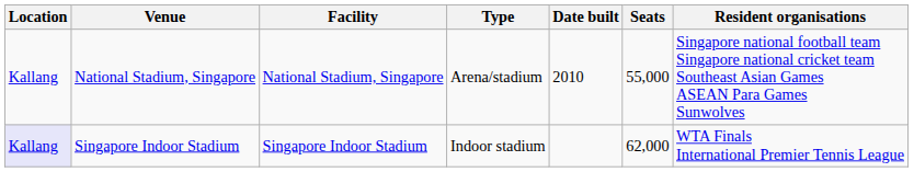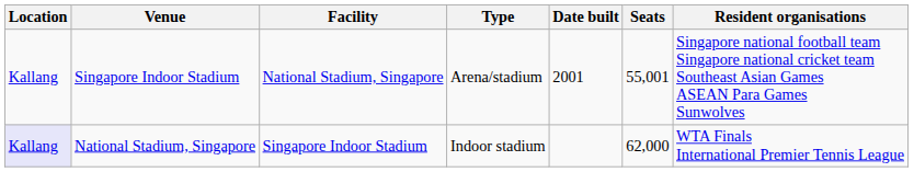 <table class="wikitable">
 <tr>
 <th>Location</th>
 <th>Venue</th>
 <th>Facility</th>
 <th>Type</th>
 <th>Date built</th>
 <th>Seats</th>
 <th>Resident organisations</th>
 </tr>
 <tr>
 <td><a href='#'>Kallang</a></td>
-<td><a href='#'>National Stadium, Singapore</a></td>
+<td><a href='#'>Singapore Indoor Stadium</a></td>
 <td><a href='#'>National Stadium, Singapore</a></td>
 <td>Arena/stadium</td>
-<td>2010</td>
-<td>55,000</td>
+<td>2001</td>
+<td>55,001</td>
 <td><a href='#'>Singapore national football team</a><br><a href='#'>Singapore national cricket team</a><br><a href='#'>Southeast Asian Games</a><br><a href='#'>ASEAN Para Games</a><br><a href='#'>Sunwolves</a></td>
 </tr>
 <tr>
 <td style="background: lavender;"><a href='#'>Kallang</a></td>
-<td><a href='#'>Singapore Indoor Stadium</a></td>
+<td><a href='#'>National Stadium, Singapore</a></td>
 <td><a href='#'>Singapore Indoor Stadium</a></td>
 <td>Indoor stadium</td>
 <td></td>
 <td>62,000</td>
 <td><a href='#'>WTA Finals</a><br><a href='#'>International Premier Tennis League</a></td>
 </tr>
 </table>
